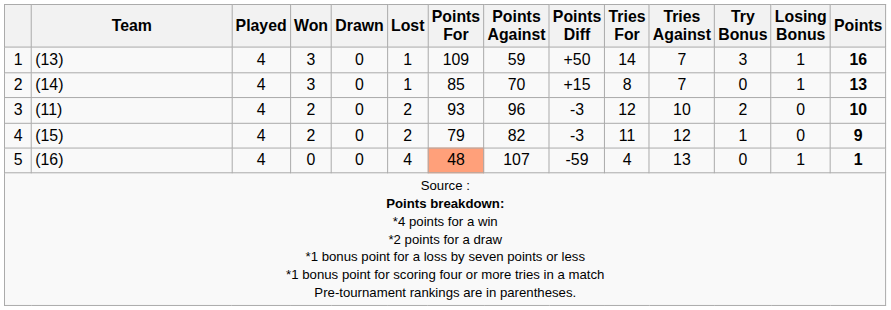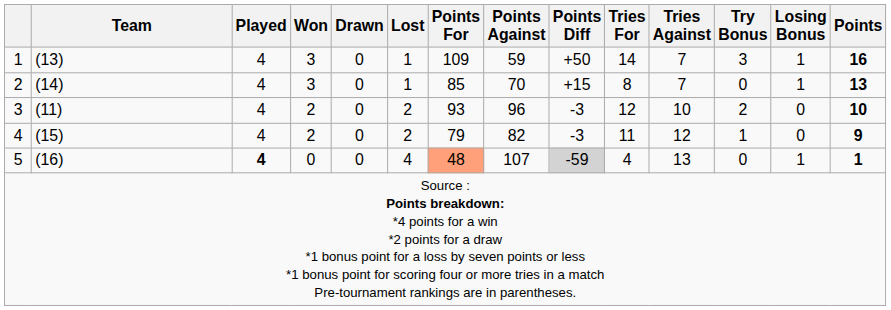 <table class="wikitable" style="text-align: center;">
 <tr>
 <th bgcolor="#efefef" width="20"></th>
 <th bgcolor="#efefef" width="195">Team</th>
 <th bgcolor="#efefef" width="20">Played</th>
 <th bgcolor="#efefef" width="20">Won</th>
 <th bgcolor="#efefef" width="20">Drawn</th>
 <th bgcolor="#efefef" width="20">Lost</th>
 <th bgcolor="#efefef" width="20">Points For</th>
 <th bgcolor="#efefef" width="20">Points Against</th>
 <th bgcolor="#efefef" width="20">Points Diff</th>
 <th bgcolor="#efefef" width="20">Tries For</th>
 <th bgcolor="#efefef" width="20">Tries Against</th>
 <th bgcolor="#efefef" width="20">Try Bonus</th>
 <th bgcolor="#efefef" width="20">Losing Bonus</th>
 <th bgcolor="#efefef" width="20">Points<br></th>
 </tr>
 <tr align=center>
 <td>1</td>
 <td align=left> (13)</td>
 <td>4</td>
 <td>3</td>
 <td>0</td>
 <td>1</td>
 <td>109</td>
 <td>59</td>
 <td>+50</td>
 <td>14</td>
 <td>7</td>
 <td>3</td>
 <td>1</td>
 <td><strong>16</strong></td>
 </tr>
 <tr align=center>
 <td>2</td>
 <td align=left> (14)</td>
 <td>4</td>
 <td>3</td>
 <td>0</td>
 <td>1</td>
 <td>85</td>
 <td>70</td>
 <td>+15</td>
 <td>8</td>
 <td>7</td>
 <td>0</td>
 <td>1</td>
 <td><strong>13</strong></td>
 </tr>
 <tr align=center>
 <td>3</td>
 <td align=left> (11)</td>
 <td>4</td>
 <td>2</td>
 <td>0</td>
 <td>2</td>
 <td>93</td>
 <td>96</td>
 <td>-3</td>
 <td>12</td>
 <td>10</td>
 <td>2</td>
 <td>0</td>
 <td><strong>10</strong></td>
 </tr>
 <tr align=center>
 <td>4</td>
 <td align=left> (15)</td>
 <td>4</td>
 <td>2</td>
 <td>0</td>
 <td>2</td>
 <td>79</td>
 <td>82</td>
 <td>-3</td>
 <td>11</td>
 <td>12</td>
 <td>1</td>
 <td>0</td>
 <td><strong>9</strong></td>
 </tr>
 <tr align=center>
 <td>5</td>
 <td align=left> (16)</td>
-<td>4</td>
+<td><strong>4</strong></td>
 <td>0</td>
 <td>0</td>
 <td>4</td>
 <td style="background: lightsalmon;">48</td>
 <td>107</td>
-<td>-59</td>
+<td style="background: lightgrey;">-59</td>
 <td>4</td>
 <td>13</td>
 <td>0</td>
 <td>1</td>
 <td><strong>1</strong></td>
 </tr>
 <tr |align=left|>
 <td colspan="14" style="border:0px"><small>Source : <br><strong>Points breakdown:</strong><br>*4 points for a win<br>*2 points for a draw<br>*1 bonus point for a loss by seven points or less<br>*1 bonus point for scoring four or more tries in a match<br>Pre-tournament rankings are in parentheses.</small></td>
 </tr>
 </table>
